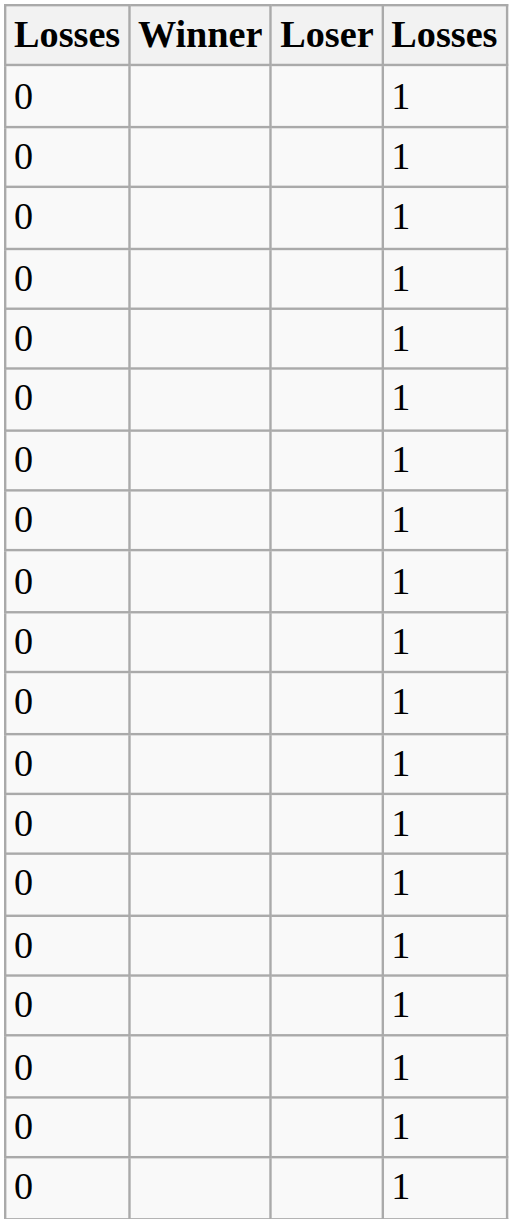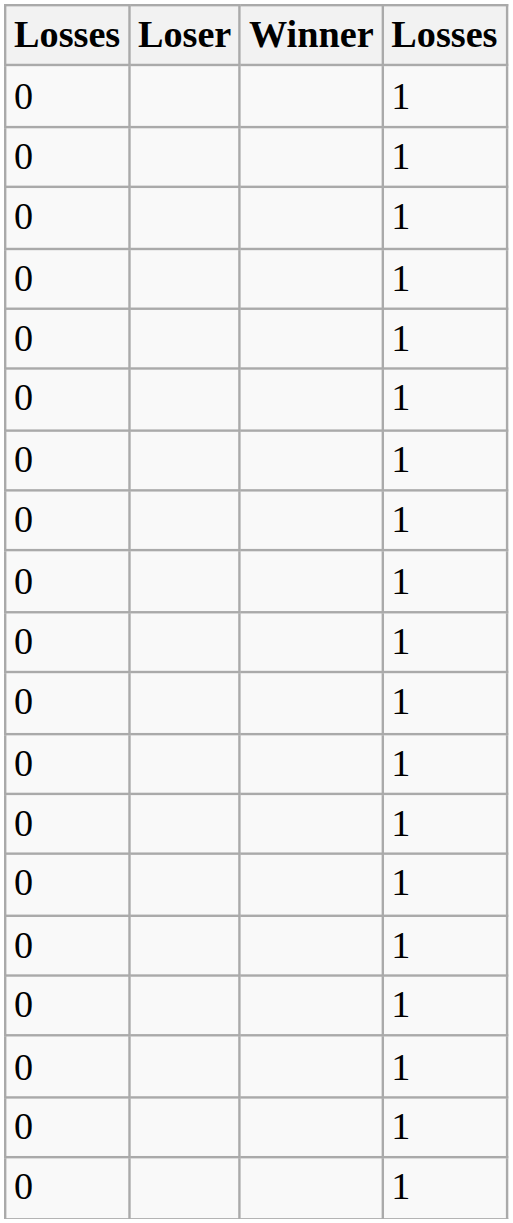 <table class=wikitable>
 <tr>
 <th>Losses</th>
+<th>Loser</th>
 <th>Winner</th>
-<th>Loser</th>
 <th>Losses</th>
 </tr>
 <tr>
 <td>0</td>
 <td></td>
 <td></td>
 <td>1</td>
 </tr>
 <tr>
 <td>0</td>
 <td></td>
 <td></td>
 <td>1</td>
 </tr>
 <tr>
 <td>0</td>
 <td></td>
 <td></td>
 <td>1</td>
 </tr>
 <tr>
 <td>0</td>
 <td></td>
 <td></td>
 <td>1</td>
 </tr>
 <tr>
 <td>0</td>
 <td></td>
 <td></td>
 <td>1</td>
 </tr>
 <tr>
 <td>0</td>
 <td></td>
 <td></td>
 <td>1</td>
 </tr>
 <tr>
 <td>0</td>
 <td></td>
 <td></td>
 <td>1</td>
 </tr>
 <tr>
 <td>0</td>
 <td></td>
 <td></td>
 <td>1</td>
 </tr>
 <tr>
 <td>0</td>
 <td></td>
 <td></td>
 <td>1</td>
 </tr>
 <tr>
 <td>0</td>
 <td></td>
 <td></td>
 <td>1</td>
 </tr>
 <tr>
 <td>0</td>
 <td></td>
 <td></td>
 <td>1</td>
 </tr>
 <tr>
 <td>0</td>
 <td></td>
 <td></td>
 <td>1</td>
 </tr>
 <tr>
 <td>0</td>
 <td></td>
 <td></td>
 <td>1</td>
 </tr>
 <tr>
 <td>0</td>
 <td></td>
 <td></td>
 <td>1</td>
 </tr>
 <tr>
 <td>0</td>
 <td></td>
 <td></td>
 <td>1</td>
 </tr>
 <tr>
 <td>0</td>
 <td></td>
 <td></td>
 <td>1</td>
 </tr>
 <tr>
 <td>0</td>
 <td></td>
 <td></td>
 <td>1</td>
 </tr>
 <tr>
 <td>0</td>
 <td></td>
 <td></td>
 <td>1</td>
 </tr>
 <tr>
 <td>0</td>
 <td></td>
 <td></td>
 <td>1</td>
 </tr>
 </table>
